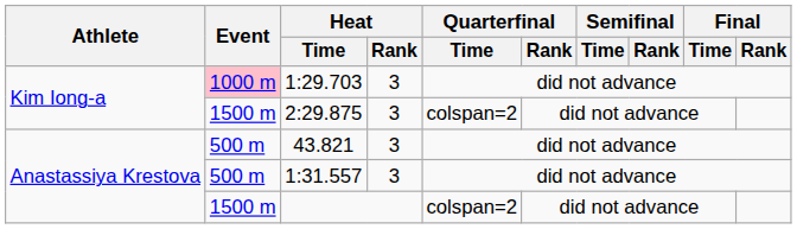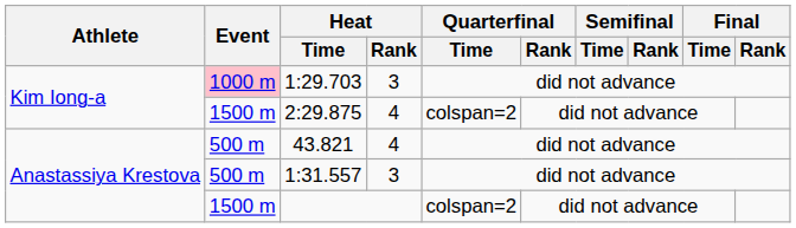 <table class="wikitable" style="font-size:90%">
 <tr>
 <th rowspan=2>Athlete</th>
 <th rowspan=2>Event</th>
 <th colspan=2>Heat</th>
 <th colspan=2>Quarterfinal</th>
 <th colspan=2>Semifinal</th>
 <th colspan=2>Final</th>
 </tr>
 <tr style="font-size:95%">
 <th>Time</th>
 <th>Rank</th>
 <th>Time</th>
 <th>Rank</th>
 <th>Time</th>
 <th>Rank</th>
 <th>Time</th>
 <th>Rank</th>
 </tr>
 <tr align=center>
 <td align=left rowspan=2><a href='#'>Kim Iong-a</a></td>
 <td align=left style="background: pink;"><a href='#'>1000 m</a></td>
 <td>1:29.703</td>
 <td>3</td>
 <td colspan=6>did not advance</td>
 </tr>
 <tr align=center>
 <td align=left><a href='#'>1500 m</a></td>
 <td>2:29.875</td>
-<td>3</td>
+<td>4</td>
 <td>colspan=2 </td>
 <td colspan=4>did not advance</td>
 </tr>
 <tr align=center>
 <td align=left rowspan=3><a href='#'>Anastassiya Krestova</a></td>
 <td align=left><a href='#'>500 m</a></td>
 <td>43.821</td>
-<td>3</td>
+<td>4</td>
 <td colspan="6">did not advance</td>
 </tr>
 <tr align=center>
 <td align=left><a href='#'>500 m</a></td>
 <td>1:31.557</td>
 <td>3</td>
 <td colspan=6>did not advance</td>
 </tr>
 <tr align=center>
 <td align=left><a href='#'>1500 m</a></td>
 <td colspan=2></td>
 <td>colspan=2 </td>
 <td colspan=4>did not advance</td>
 </tr>
 </table>
